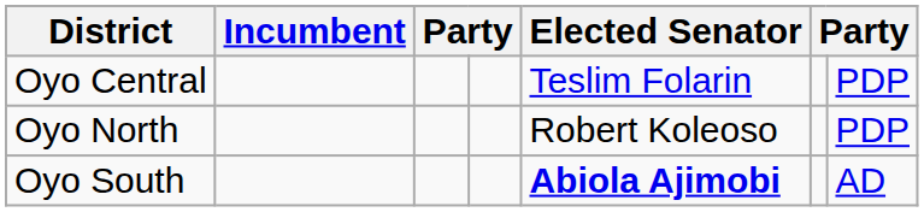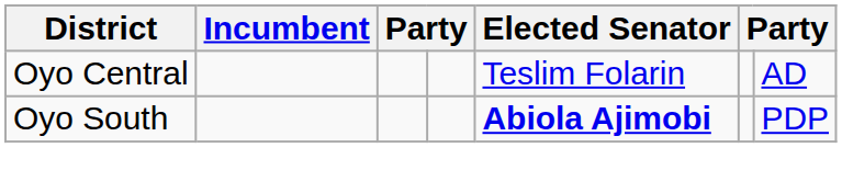 <table class="sortable wikitable" style="font-size:95%;line-height:14px;">
 <tr>
 <th class="unsortable">District</th>
 <th class="unsortable"><a href='#'>Incumbent</a></th>
 <th colspan="2">Party</th>
 <th class="unsortable">Elected Senator</th>
 <th colspan="2">Party</th>
 </tr>
 <tr>
 <td>Oyo Central</td>
 <td></td>
 <td></td>
 <td></td>
 <td><a href='#'>Teslim Folarin</a></td>
 <td style="background:"></td>
-<td><a href='#'>PDP</a></td>
-</tr>
-<tr>
-<td>Oyo North</td>
-<td></td>
-<td></td>
-<td></td>
-<td>Robert Koleoso</td>
-<td style="background:"></td>
-<td><a href='#'>PDP</a></td>
+<td><a href='#'>AD</a></td>
 </tr>
 <tr>
 <td>Oyo South</td>
 <td></td>
 <td></td>
 <td></td>
 <td><strong><a href='#'>Abiola Ajimobi</a></strong></td>
 <td style="background:"></td>
-<td><a href='#'>AD</a></td>
+<td><a href='#'>PDP</a></td>
 </tr>
 </table>
